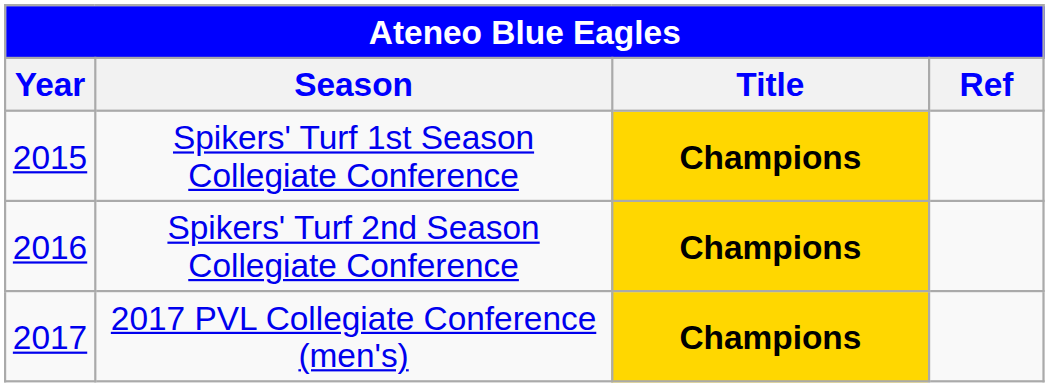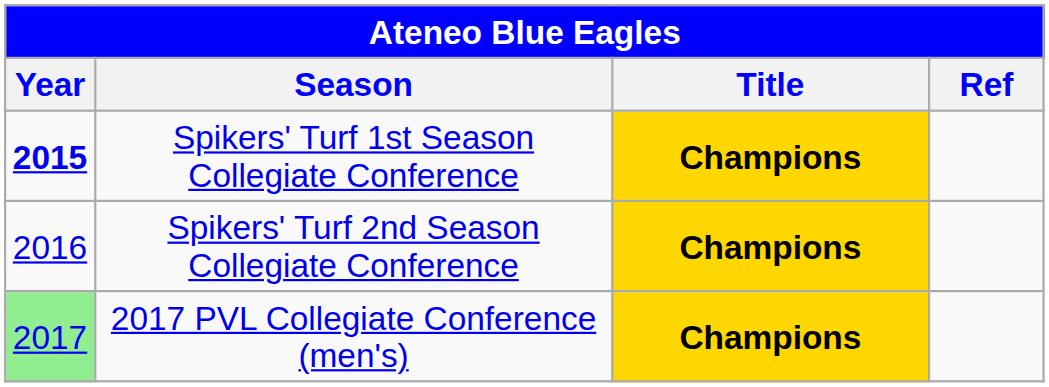 <table class="wikitable sortable" style="font-size:95%; text-align:left;">
 <tr>
 <th colspan="4" style= "background: blue; color: white; text-align: center"><strong>Ateneo Blue Eagles</strong></th>
 </tr>
 <tr style="background: white; color: blue">
 <th style= "align=center; width:1em;">Year</th>
 <th style= "align=center;width:15em;">Season</th>
 <th style= "align=center; width:9em;">Title</th>
 <th style= "align=center; width:3em;">Ref</th>
 </tr>
 <tr align=center>
-<td><a href='#'>2015</a></td>
+<td><strong><a href='#'>2015</a></strong></td>
 <td><a href='#'>Spikers' Turf 1st Season Collegiate Conference</a></td>
 <td style="background:gold;"><strong>Champions</strong></td>
 <td></td>
 </tr>
 <tr align=center>
 <td><a href='#'>2016</a></td>
 <td><a href='#'>Spikers' Turf 2nd Season Collegiate Conference</a></td>
 <td style="background:gold;"><strong>Champions</strong></td>
 <td></td>
 </tr>
 <tr align=center>
-<td><a href='#'>2017</a></td>
+<td style="background: lightgreen;"><a href='#'>2017</a></td>
 <td><a href='#'>2017 PVL Collegiate Conference (men's)</a></td>
 <td style="background:gold;"><strong>Champions</strong></td>
 <td></td>
 </tr>
 </table>
